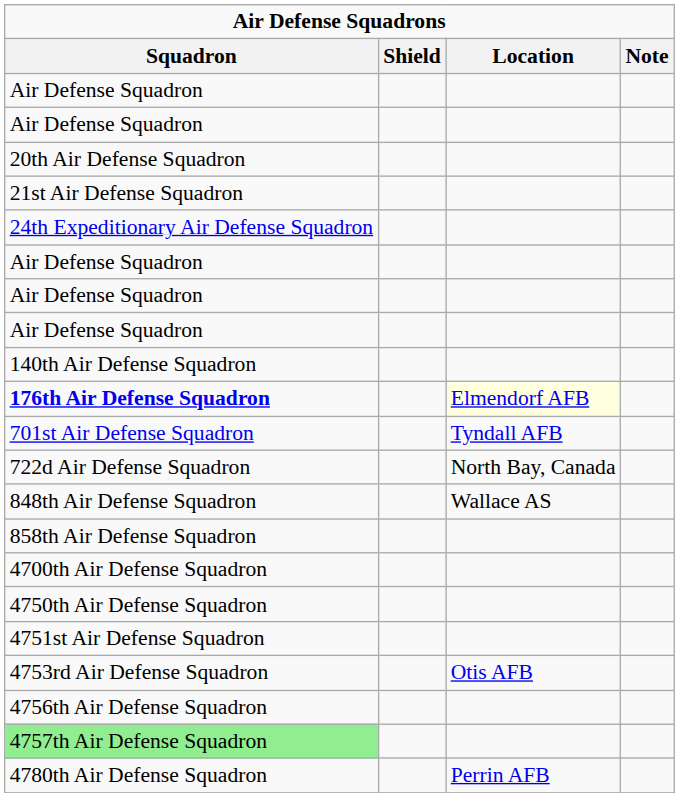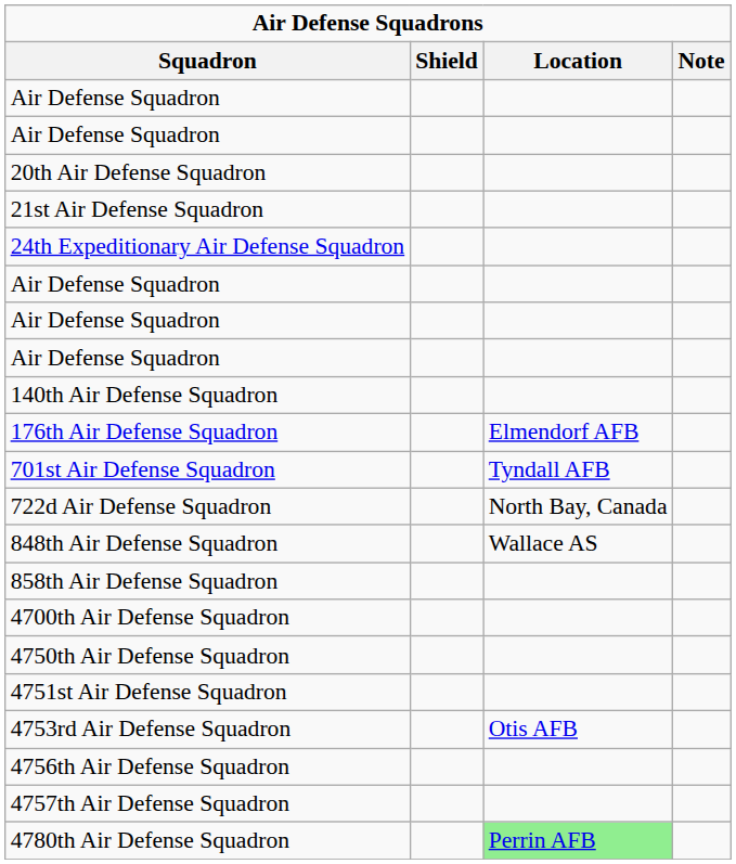 <table class="wikitable">
 <tr>
 <td colspan="6" align="center"><strong>Air Defense Squadrons</strong></td>
 </tr>
 <tr>
 <th>Squadron</th>
 <th>Shield</th>
 <th>Location</th>
 <th>Note</th>
 </tr>
 <tr>
 <td>Air Defense Squadron</td>
 <td></td>
 <td></td>
 <td></td>
 </tr>
 <tr>
 <td>Air Defense Squadron</td>
 <td></td>
 <td></td>
 <td></td>
 </tr>
 <tr>
 <td>20th Air Defense Squadron</td>
 <td></td>
 <td></td>
 <td></td>
 </tr>
 <tr>
 <td>21st Air Defense Squadron</td>
 <td></td>
 <td></td>
 <td></td>
 </tr>
 <tr>
 <td><a href='#'>24th Expeditionary Air Defense Squadron</a></td>
 <td></td>
 <td></td>
 <td></td>
 </tr>
 <tr>
 <td>Air Defense Squadron</td>
 <td></td>
 <td></td>
 <td></td>
 </tr>
 <tr>
 <td>Air Defense Squadron</td>
 <td></td>
 <td></td>
 <td></td>
 </tr>
 <tr>
 <td>Air Defense Squadron</td>
 <td></td>
 <td></td>
 <td></td>
 </tr>
 <tr>
 <td>140th Air Defense Squadron</td>
 <td></td>
 <td></td>
 <td></td>
 </tr>
 <tr>
-<td><strong><a href='#'>176th Air Defense Squadron</a></strong></td>
+<td><a href='#'>176th Air Defense Squadron</a></td>
 <td></td>
-<td style="background: lightyellow;"><a href='#'>Elmendorf AFB</a></td>
+<td><a href='#'>Elmendorf AFB</a></td>
 <td></td>
 </tr>
 <tr>
 <td><a href='#'>701st Air Defense Squadron</a></td>
 <td></td>
 <td><a href='#'>Tyndall AFB</a></td>
 <td></td>
 </tr>
 <tr>
 <td>722d Air Defense Squadron</td>
 <td></td>
 <td>North Bay, Canada</td>
 <td></td>
 </tr>
 <tr>
 <td>848th Air Defense Squadron</td>
 <td></td>
 <td>Wallace AS</td>
 <td></td>
 </tr>
 <tr>
 <td>858th Air Defense Squadron</td>
 <td></td>
 <td></td>
 <td></td>
 </tr>
 <tr>
 <td>4700th Air Defense Squadron</td>
 <td></td>
 <td></td>
 <td></td>
 </tr>
 <tr>
 <td>4750th Air Defense Squadron</td>
 <td></td>
 <td></td>
 <td></td>
 </tr>
 <tr>
 <td>4751st Air Defense Squadron</td>
 <td></td>
 <td></td>
 <td></td>
 </tr>
 <tr>
 <td>4753rd Air Defense Squadron</td>
 <td></td>
 <td><a href='#'>Otis AFB</a></td>
 <td></td>
 </tr>
 <tr>
 <td>4756th Air Defense Squadron</td>
 <td></td>
 <td></td>
 <td></td>
 </tr>
 <tr>
-<td style="background: lightgreen;">4757th Air Defense Squadron</td>
+<td>4757th Air Defense Squadron</td>
 <td></td>
 <td></td>
 <td></td>
 </tr>
 <tr>
 <td>4780th Air Defense Squadron</td>
 <td></td>
-<td><a href='#'>Perrin AFB</a></td>
+<td style="background: lightgreen;"><a href='#'>Perrin AFB</a></td>
 <td></td>
 </tr>
 <tr>
 </tr>
 </table>
